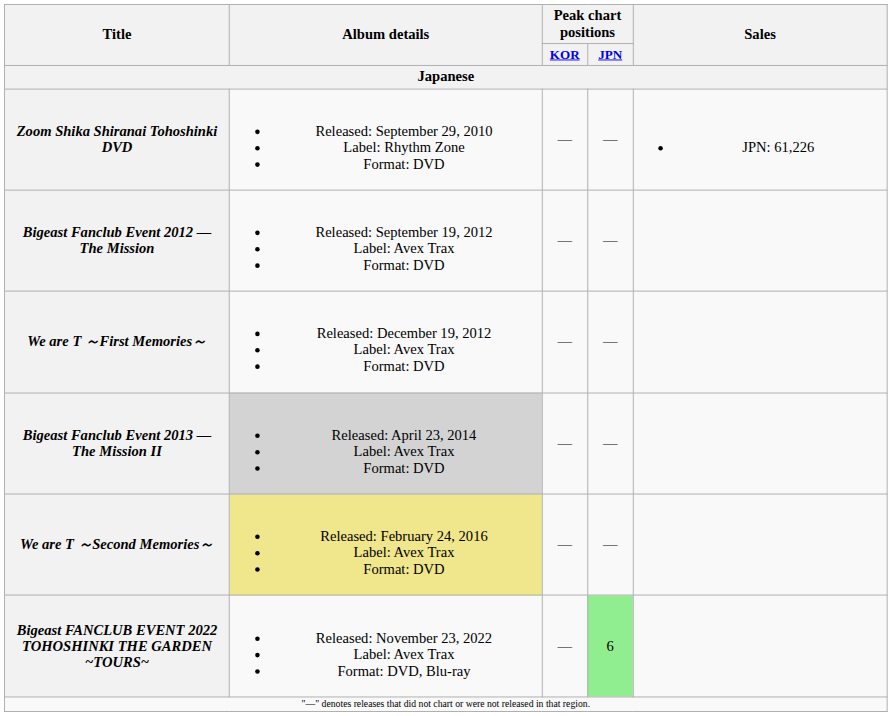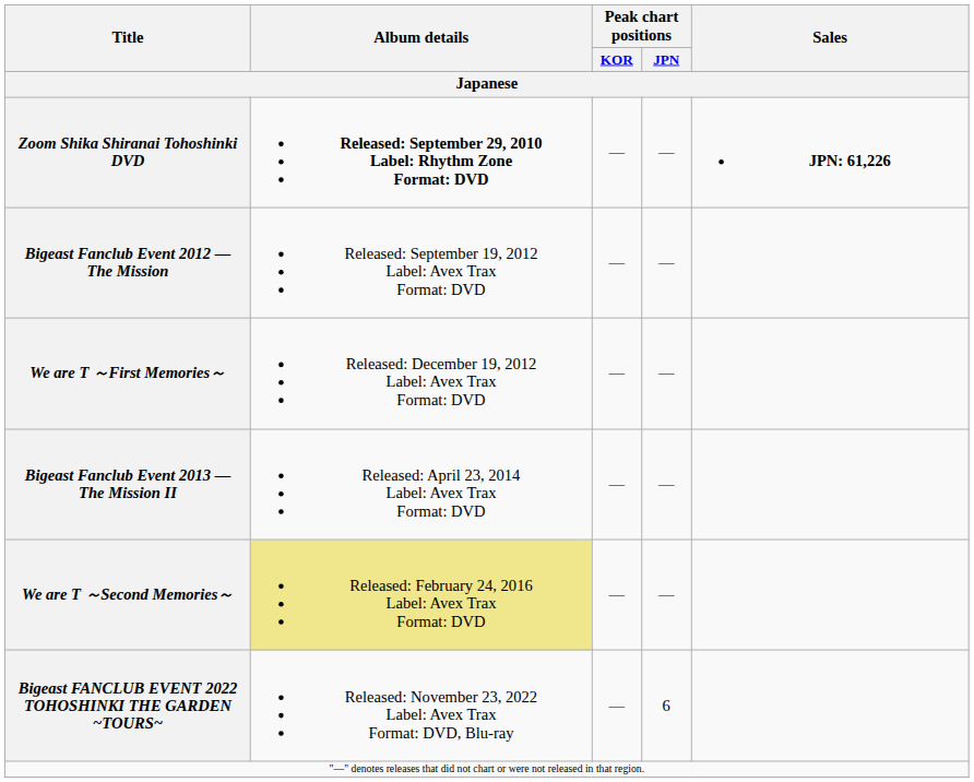 <table class="wikitable plainrowheaders" style="text-align:center;">
 <tr>
 <th scope="col" rowspan="2" style="width:15em;">Title</th>
 <th scope="col" rowspan="2" style="width:21em;">Album details</th>
 <th scope="col" colspan="2">Peak chart positions</th>
 <th scope="col" rowspan="2" style="width:17em;">Sales</th>
 </tr>
 <tr>
 <th scope="col" style="width:3em;font-size:90%;"><a href='#'>KOR</a><br></th>
 <th scope="col" style="width:3em;font-size:90%;"><a href='#'>JPN</a><br></th>
 </tr>
 <tr>
 <th colspan="8">Japanese</th>
 </tr>
 <tr>
 <th scope="row"><em>Zoom Shika Shiranai Tohoshinki DVD</em></th>
-<td><br><ul><li>Released: September 29, 2010</li><li>Label: Rhythm Zone</li><li>Format: DVD</li></ul></td>
+<td><strong><br><ul><li>Released: September 29, 2010</li><li>Label: Rhythm Zone</li><li>Format: DVD</li></ul></strong></td>
 <td style="text-align:center;">—</td>
 <td style="text-align:center;">—</td>
-<td><br><ul><li>JPN: 61,226</li></ul></td>
+<td><strong><br><ul><li>JPN: 61,226</li></ul></strong></td>
 </tr>
 <tr>
 <th scope="row"><em>Bigeast Fanclub Event 2012 —<br>The Mission</em></th>
 <td><br><ul><li>Released: September 19, 2012</li><li>Label: Avex Trax</li><li>Format: DVD</li></ul></td>
 <td style="text-align:center;">—</td>
 <td style="text-align:center;">—</td>
 <td></td>
 </tr>
 <tr>
 <th scope="row"><em>We are T ～First Memories～</em></th>
 <td><br><ul><li>Released: December 19, 2012</li><li>Label: Avex Trax</li><li>Format: DVD</li></ul></td>
 <td style="text-align:center;">—</td>
 <td style="text-align:center;">—</td>
 <td></td>
 </tr>
 <tr>
 <th scope="row"><em>Bigeast Fanclub Event 2013 —<br>The Mission II</em></th>
-<td style="background: lightgrey;"><br><ul><li>Released: April 23, 2014</li><li>Label: Avex Trax</li><li>Format: DVD</li></ul></td>
+<td><br><ul><li>Released: April 23, 2014</li><li>Label: Avex Trax</li><li>Format: DVD</li></ul></td>
 <td style="text-align:center;">—</td>
 <td style="text-align:center;">—</td>
 <td></td>
 </tr>
 <tr>
 <th scope="row"><em>We are T ～Second Memories～</em></th>
 <td style="background: khaki;"><br><ul><li>Released: February 24, 2016</li><li>Label: Avex Trax</li><li>Format: DVD</li></ul></td>
 <td style="text-align:center;">—</td>
 <td style="text-align:center;">—</td>
 <td></td>
 </tr>
 <tr>
 <th scope="row"><em>Bigeast FANCLUB EVENT 2022 TOHOSHINKI THE GARDEN ~TOURS~</em></th>
 <td><br><ul><li>Released: November 23, 2022</li><li>Label: Avex Trax</li><li>Format: DVD, Blu-ray</li></ul></td>
 <td style="text-align:center;">—</td>
-<td style="background: lightgreen; text-align:center;">6</td>
+<td style="text-align:center;">6</td>
 <td></td>
 </tr>
 <tr>
 <td align="center" colspan="14" style="font-size:8pt">"—" denotes releases that did not chart or were not released in that region.</td>
 </tr>
 </table>
